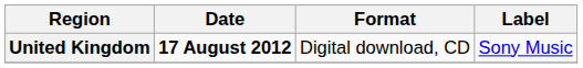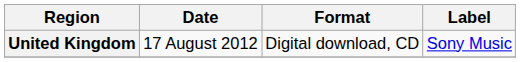 <table class="wikitable plainrowheaders">
 <tr>
 <th scope="col">Region</th>
 <th scope="col">Date</th>
 <th scope="col">Format</th>
 <th scope="col">Label</th>
 </tr>
 <tr>
 <th scope="row">United Kingdom</th>
-<td><strong>17 August 2012</strong></td>
+<td>17 August 2012</td>
 <td>Digital download, CD</td>
 <td><a href='#'>Sony Music</a></td>
 </tr>
 <tr>
 </tr>
 </table>
